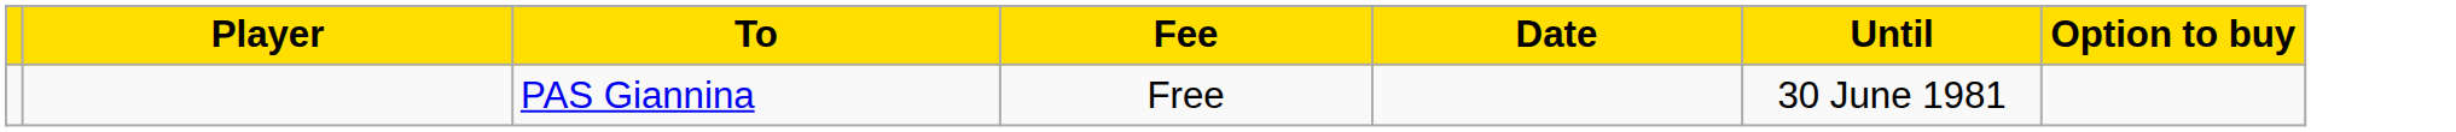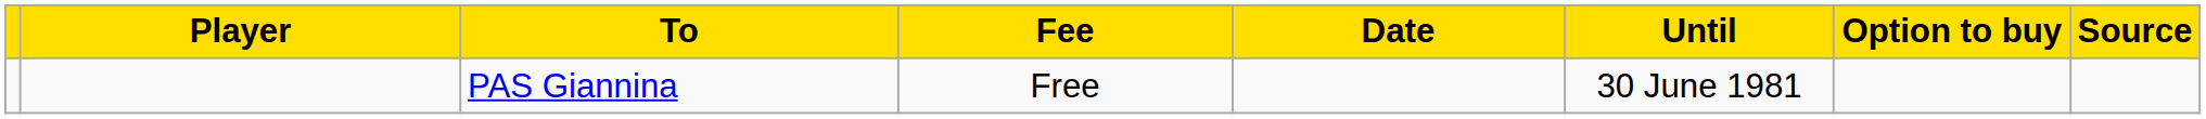 <table class="wikitable sortable">
 <tr>
 <th style="background:#FFDE00"></th>
 <th width=200 style="background:#FFDE00">Player</th>
 <th width=200 style="background:#FFDE00">To</th>
 <th width=150 style="background:#FFDE00">Fee</th>
 <th width=150 style="background:#FFDE00">Date</th>
 <th width=120 style="background:#FFDE00">Until</th>
 <th style="background:#FFDE00">Option to buy</th>
+<th style="background:#FFDE00">Source</th>
 </tr>
 <tr>
 <td align=center></td>
 <td></td>
 <td> <a href='#'>PAS Giannina</a></td>
 <td align=center>Free</td>
 <td align=center></td>
 <td align=center>30 June 1981</td>
 <td align=center></td>
+<td align=center></td>
 </tr>
 </table>
